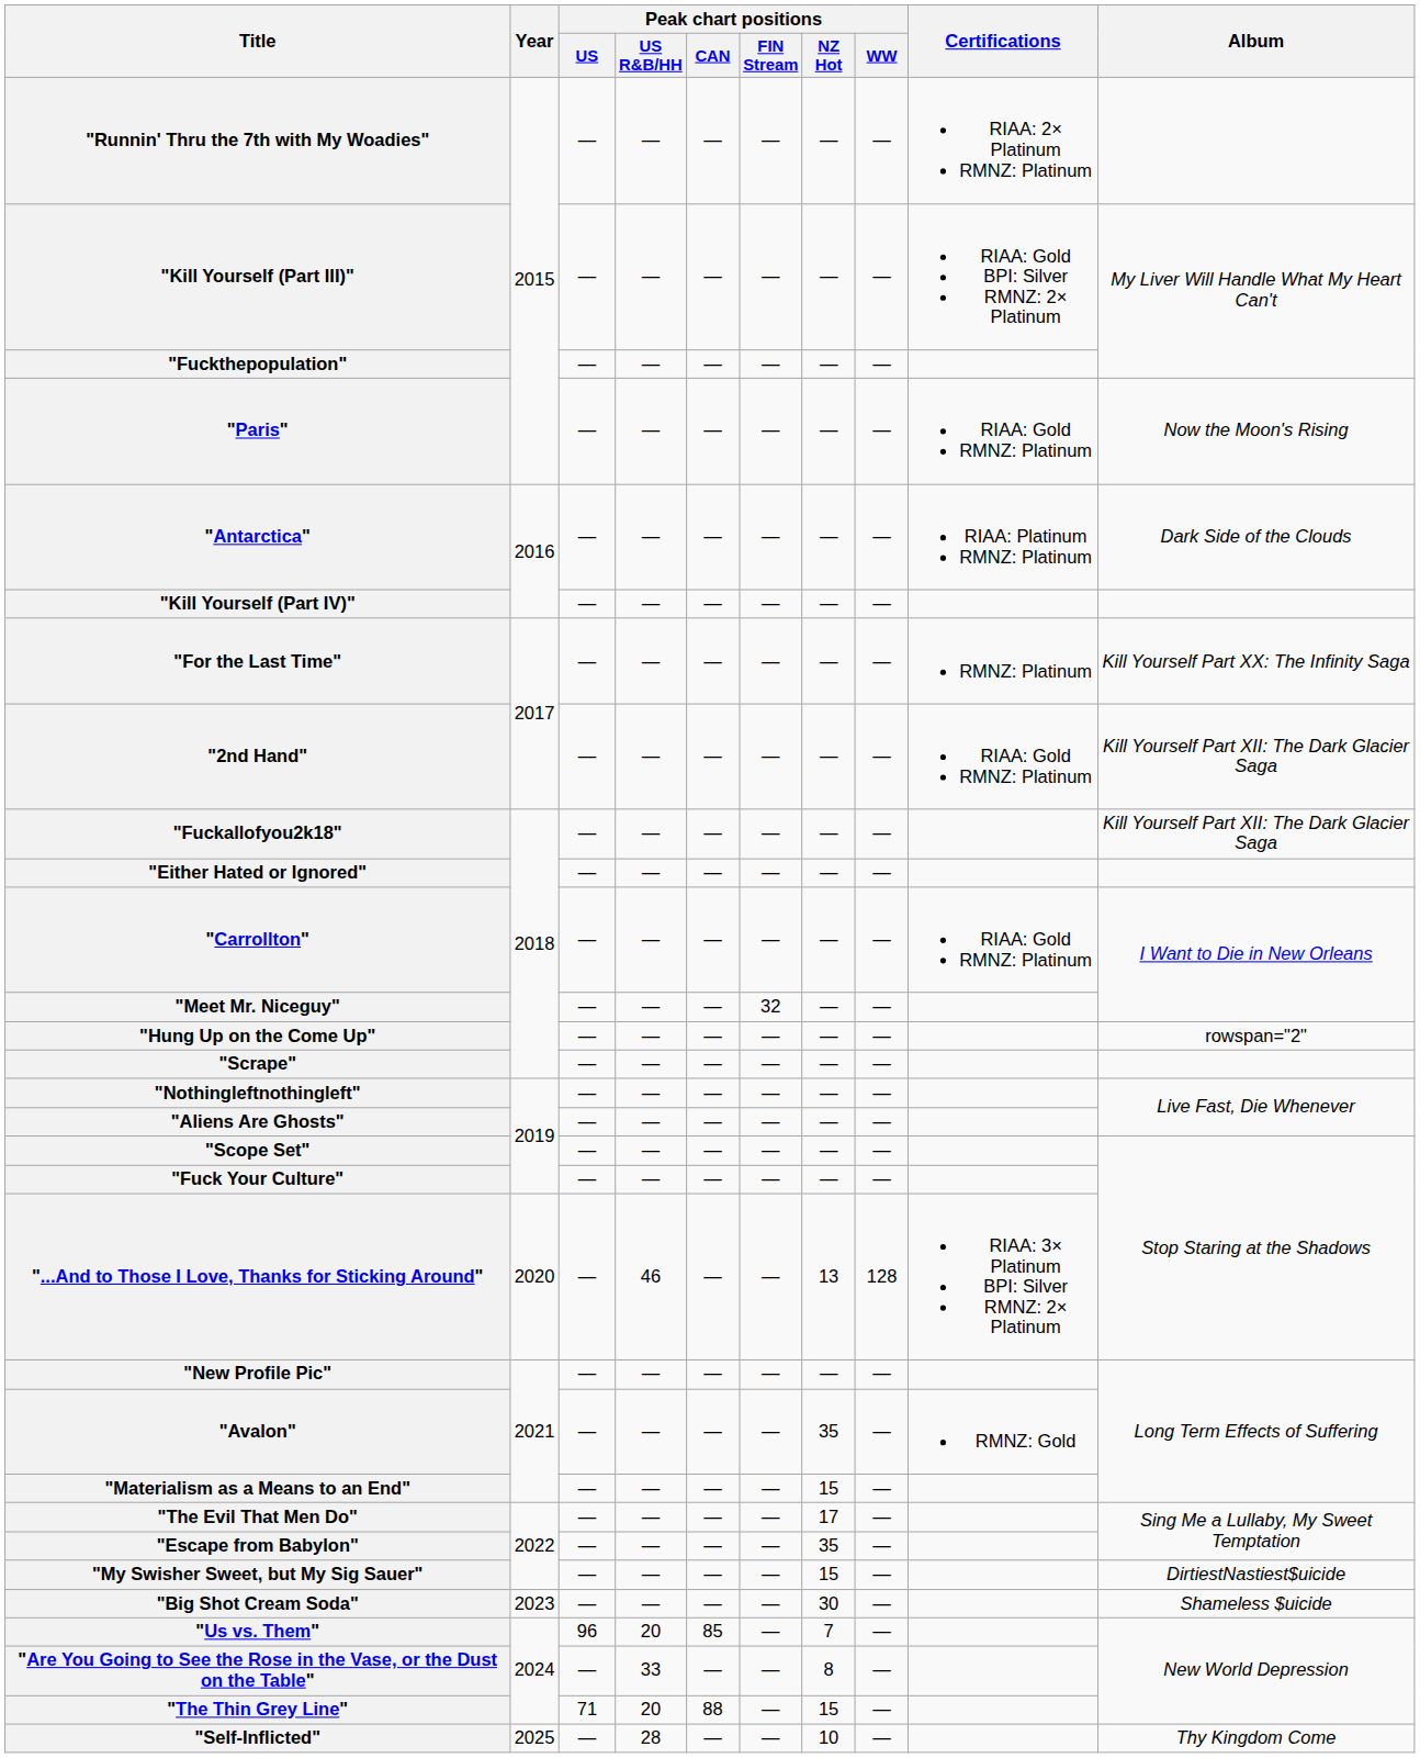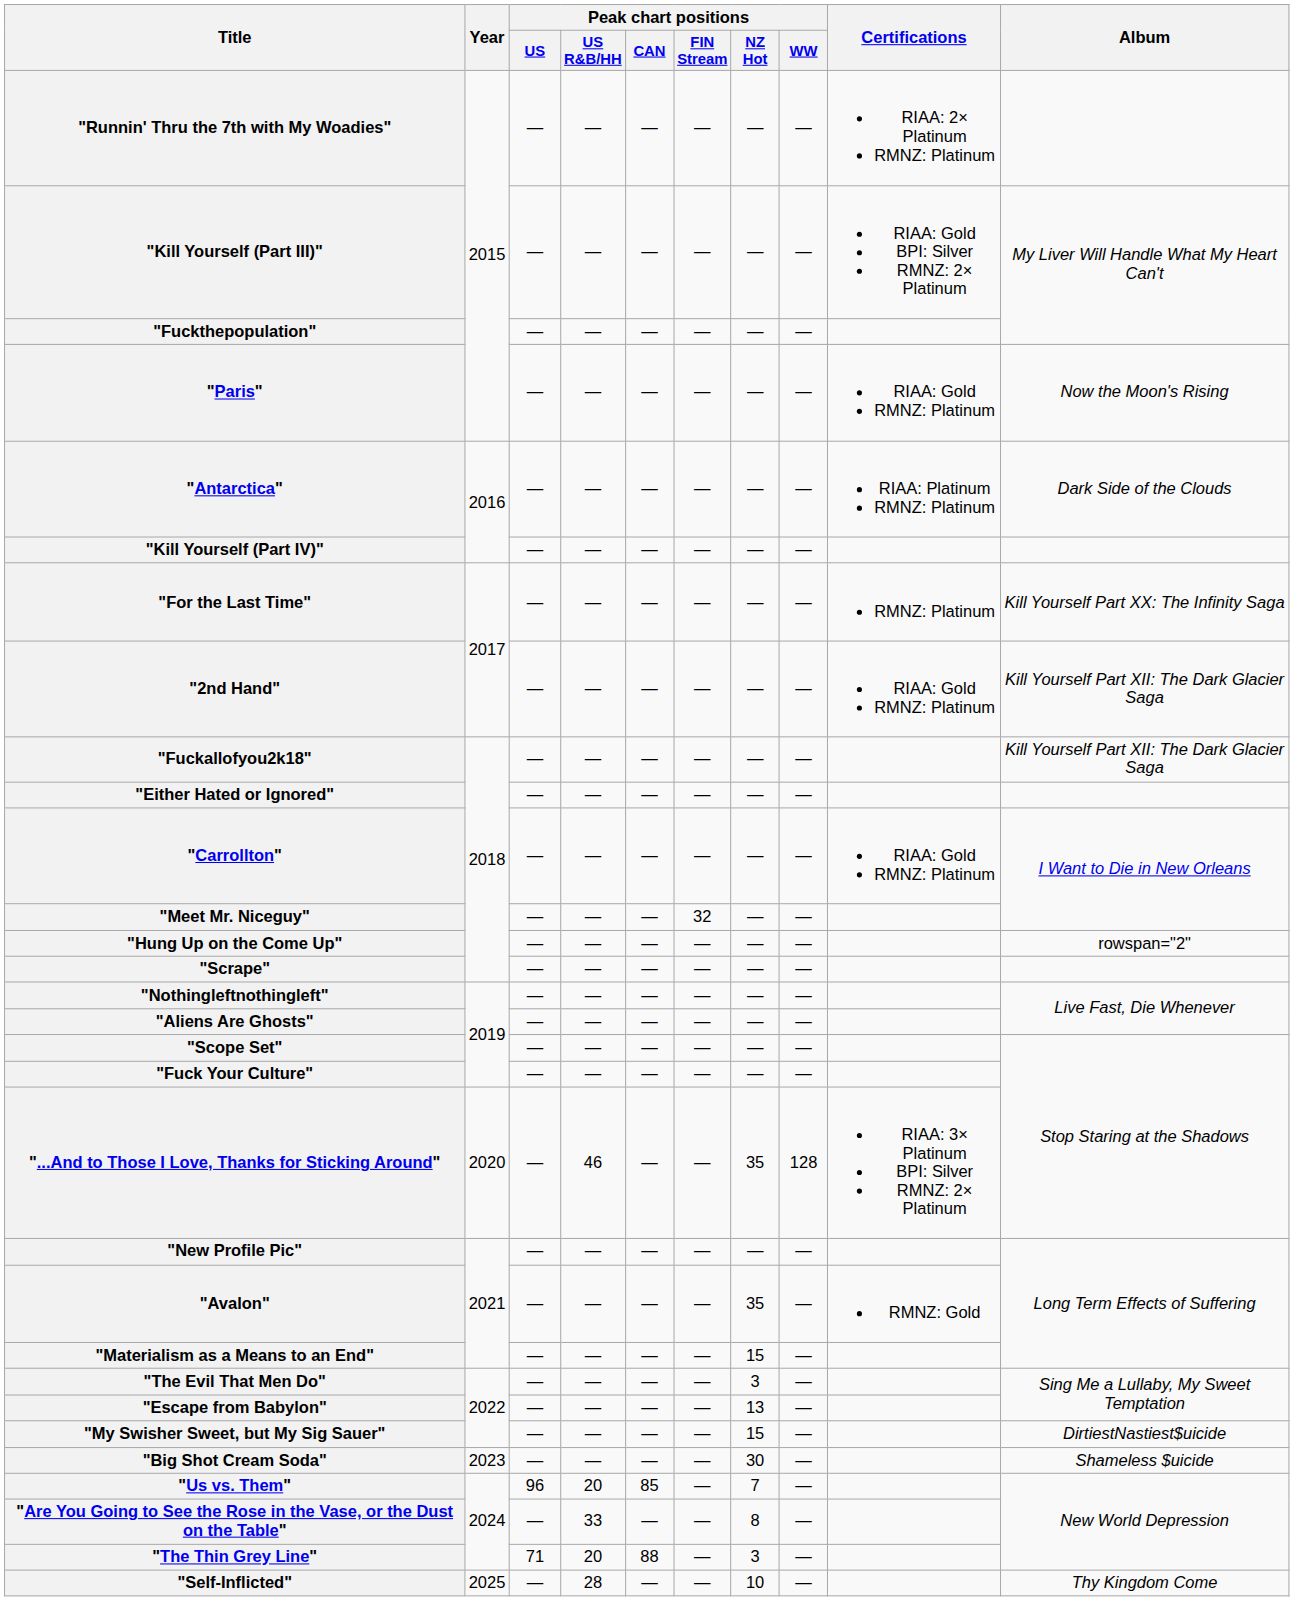 <table class="wikitable plainrowheaders" style="text-align:center;">
 <tr>
 <th scope="col" rowspan="2">Title</th>
 <th scope="col" rowspan="2">Year</th>
 <th scope="col" colspan="6">Peak chart positions</th>
 <th scope="col" rowspan="2"><a href='#'>Certifications</a></th>
 <th scope="col" rowspan="2">Album</th>
 </tr>
 <tr>
 <th scope="col" style="width:3em;font-size:90%;"><a href='#'>US</a><br></th>
 <th scope="col" style="width:2.8em;font-size:90%;"><a href='#'>US<br>R&B/HH</a><br></th>
 <th scope="col" style="width:2.8em;font-size:90%;"><a href='#'>CAN</a><br></th>
 <th scope="col" style="width:2.8em;font-size:90%;"><a href='#'>FIN<br>Stream</a><br></th>
 <th scope="col" style="width:2.8em;font-size:90%;"><a href='#'>NZ<br>Hot</a><br></th>
 <th scope="col" style="width:2.8em;font-size:90%;"><a href='#'>WW</a><br></th>
 </tr>
 <tr>
 <th scope="row">"Runnin' Thru the 7th with My Woadies"</th>
 <td rowspan="4">2015</td>
 <td>—</td>
 <td>—</td>
 <td>—</td>
 <td>—</td>
 <td>—</td>
 <td>—</td>
 <td><br><ul><li>RIAA: 2× Platinum</li><li>RMNZ: Platinum</li></ul></td>
 <td><em></em></td>
 </tr>
 <tr>
 <th scope="row">"Kill Yourself (Part III)"</th>
 <td>—</td>
 <td>—</td>
 <td>—</td>
 <td>—</td>
 <td>—</td>
 <td>—</td>
 <td><br><ul><li>RIAA: Gold</li><li>BPI: Silver</li><li>RMNZ: 2× Platinum</li></ul></td>
 <td rowspan="2"><em>My Liver Will Handle What My Heart Can't</em></td>
 </tr>
 <tr>
 <th scope="row">"Fuckthepopulation"</th>
 <td>—</td>
 <td>—</td>
 <td>—</td>
 <td>—</td>
 <td>—</td>
 <td>—</td>
 <td></td>
 </tr>
 <tr>
 <th scope="row">"<a href='#'>Paris</a>"</th>
 <td>—</td>
 <td>—</td>
 <td>—</td>
 <td>—</td>
 <td>—</td>
 <td>—</td>
 <td><br><ul><li>RIAA: Gold</li><li>RMNZ: Platinum</li></ul></td>
 <td><em>Now the Moon's Rising</em></td>
 </tr>
 <tr>
 <th scope="row">"<a href='#'>Antarctica</a>"</th>
 <td rowspan="2">2016</td>
 <td>—</td>
 <td>—</td>
 <td>—</td>
 <td>—</td>
 <td>—</td>
 <td>—</td>
 <td><br><ul><li>RIAA: Platinum</li><li>RMNZ: Platinum</li></ul></td>
 <td><em>Dark Side of the Clouds</em></td>
 </tr>
 <tr>
 <th scope="row">"Kill Yourself (Part IV)"</th>
 <td>—</td>
 <td>—</td>
 <td>—</td>
 <td>—</td>
 <td>—</td>
 <td>—</td>
 <td></td>
 <td></td>
 </tr>
 <tr>
 <th scope="row">"For the Last Time"</th>
 <td rowspan="2">2017</td>
 <td>—</td>
 <td>—</td>
 <td>—</td>
 <td>—</td>
 <td>—</td>
 <td>—</td>
 <td><br><ul><li>RMNZ: Platinum</li></ul></td>
 <td><em>Kill Yourself Part XX: The Infinity Saga</em></td>
 </tr>
 <tr>
 <th scope="row">"2nd Hand"</th>
 <td>—</td>
 <td>—</td>
 <td>—</td>
 <td>—</td>
 <td>—</td>
 <td>—</td>
 <td><br><ul><li>RIAA: Gold</li><li>RMNZ: Platinum</li></ul></td>
 <td><em>Kill Yourself Part XII: The Dark Glacier Saga</em></td>
 </tr>
 <tr>
 <th scope="row">"Fuckallofyou2k18"</th>
 <td rowspan="6">2018</td>
 <td>—</td>
 <td>—</td>
 <td>—</td>
 <td>—</td>
 <td>—</td>
 <td>—</td>
 <td></td>
 <td><em>Kill Yourself Part XII: The Dark Glacier Saga</em></td>
 </tr>
 <tr>
 <th scope="row">"Either Hated or Ignored"</th>
 <td>—</td>
 <td>—</td>
 <td>—</td>
 <td>—</td>
 <td>—</td>
 <td>—</td>
 <td></td>
 </tr>
 <tr>
 <th scope="row">"<a href='#'>Carrollton</a>"</th>
 <td>—</td>
 <td>—</td>
 <td>—</td>
 <td>—</td>
 <td>—</td>
 <td>—</td>
 <td><br><ul><li>RIAA: Gold</li><li>RMNZ: Platinum</li></ul></td>
 <td rowspan="2"><em><a href='#'>I Want to Die in New Orleans</a></em></td>
 </tr>
 <tr>
 <th scope="row">"Meet Mr. Niceguy"</th>
 <td>—</td>
 <td>—</td>
 <td>—</td>
 <td>32</td>
 <td>—</td>
 <td>—</td>
 <td></td>
 </tr>
 <tr>
 <th scope="row">"Hung Up on the Come Up"</th>
 <td>—</td>
 <td>—</td>
 <td>—</td>
 <td>—</td>
 <td>—</td>
 <td>—</td>
 <td></td>
 <td>rowspan="2" </td>
 </tr>
 <tr>
 <th scope="row">"Scrape"</th>
 <td>—</td>
 <td>—</td>
 <td>—</td>
 <td>—</td>
 <td>—</td>
 <td>—</td>
 <td></td>
 </tr>
 <tr>
 <th scope="row">"Nothingleftnothingleft"</th>
 <td rowspan="4">2019</td>
 <td>—</td>
 <td>—</td>
 <td>—</td>
 <td>—</td>
 <td>—</td>
 <td>—</td>
 <td></td>
 <td rowspan="2"><em>Live Fast, Die Whenever</em></td>
 </tr>
 <tr>
 <th scope="row">"Aliens Are Ghosts"</th>
 <td>—</td>
 <td>—</td>
 <td>—</td>
 <td>—</td>
 <td>—</td>
 <td>—</td>
 </tr>
 <tr>
 <th scope="row">"Scope Set"</th>
 <td>—</td>
 <td>—</td>
 <td>—</td>
 <td>—</td>
 <td>—</td>
 <td>—</td>
 <td></td>
 <td rowspan="3"><em>Stop Staring at the Shadows</em></td>
 </tr>
 <tr>
 <th scope="row">"Fuck Your Culture"</th>
 <td>—</td>
 <td>—</td>
 <td>—</td>
 <td>—</td>
 <td>—</td>
 <td>—</td>
 <td></td>
 </tr>
 <tr>
 <th scope="row">"<a href='#'>...And to Those I Love, Thanks for Sticking Around</a>"</th>
 <td>2020</td>
 <td>—</td>
 <td>46</td>
 <td>—</td>
 <td>—</td>
-<td>13</td>
+<td>35</td>
 <td>128</td>
 <td><br><ul><li>RIAA: 3× Platinum</li><li>BPI: Silver</li><li>RMNZ: 2× Platinum</li></ul></td>
 </tr>
 <tr>
 <th scope="row">"New Profile Pic"</th>
 <td rowspan="3">2021</td>
 <td>—</td>
 <td>—</td>
 <td>—</td>
 <td>—</td>
 <td>—</td>
 <td>—</td>
 <td></td>
 <td rowspan="3"><em>Long Term Effects of Suffering</em></td>
 </tr>
 <tr>
 <th scope="row">"Avalon"</th>
 <td>—</td>
 <td>—</td>
 <td>—</td>
 <td>—</td>
 <td>35</td>
 <td>—</td>
 <td><br><ul><li>RMNZ: Gold</li></ul></td>
 </tr>
 <tr>
 <th scope="row">"Materialism as a Means to an End"</th>
 <td>—</td>
 <td>—</td>
 <td>—</td>
 <td>—</td>
 <td>15</td>
 <td>—</td>
 </tr>
 <tr>
 <th scope="row">"The Evil That Men Do"</th>
 <td rowspan="3">2022</td>
 <td>—</td>
 <td>—</td>
 <td>—</td>
 <td>—</td>
-<td>17</td>
+<td>3</td>
 <td>—</td>
 <td></td>
 <td rowspan="2"><em>Sing Me a Lullaby, My Sweet Temptation</em></td>
 </tr>
 <tr>
 <th scope="row">"Escape from Babylon"</th>
 <td>—</td>
 <td>—</td>
 <td>—</td>
 <td>—</td>
-<td>35</td>
+<td>13</td>
 <td>—</td>
 </tr>
 <tr>
 <th scope="row">"My Swisher Sweet, but My Sig Sauer" </th>
 <td>—</td>
 <td>—</td>
 <td>—</td>
 <td>—</td>
 <td>15</td>
 <td>—</td>
 <td></td>
 <td><em>DirtiestNastiest$uicide</em></td>
 </tr>
 <tr>
 <th scope="row">"Big Shot Cream Soda" </th>
 <td>2023</td>
 <td>—</td>
 <td>—</td>
 <td>—</td>
 <td>—</td>
 <td>30</td>
 <td>—</td>
 <td></td>
 <td><em>Shameless $uicide</em></td>
 </tr>
 <tr>
 <th scope="row">"<a href='#'>Us vs. Them</a>"</th>
 <td rowspan="3">2024</td>
 <td>96</td>
 <td>20</td>
 <td>85</td>
 <td>—</td>
 <td>7</td>
 <td>—</td>
 <td></td>
 <td rowspan="3"><em>New World Depression</em></td>
 </tr>
 <tr>
 <th scope="row">"<a href='#'>Are You Going to See the Rose in the Vase, or the Dust on the Table</a>"</th>
 <td>—</td>
 <td>33</td>
 <td>—</td>
 <td>—</td>
 <td>8</td>
 <td>—</td>
 <td></td>
 </tr>
 <tr>
 <th scope="row">"<a href='#'>The Thin Grey Line</a>"</th>
 <td>71</td>
 <td>20</td>
 <td>88</td>
 <td>—</td>
-<td>15</td>
+<td>3</td>
 <td>—</td>
 <td></td>
 </tr>
 <tr>
 <th scope="row">"Self-Inflicted"</th>
 <td>2025</td>
 <td>—</td>
 <td>28</td>
 <td>—</td>
 <td>—</td>
 <td>10</td>
 <td>—</td>
 <td></td>
 <td><em>Thy Kingdom Come</em></td>
 </tr>
 </table>
